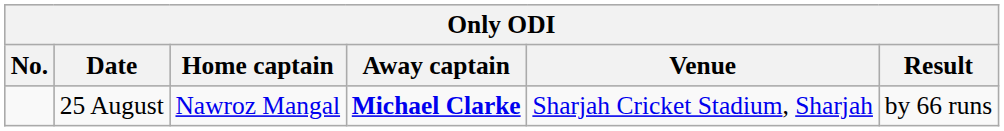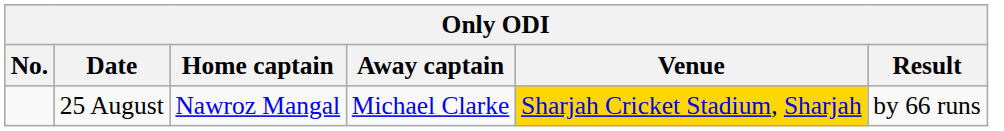 <table class="wikitable">
 <tr>
 <th colspan="9">Only ODI</th>
 </tr>
 <tr>
 <th>No.</th>
 <th>Date</th>
 <th>Home captain</th>
 <th>Away captain</th>
 <th>Venue</th>
 <th>Result</th>
 </tr>
 <tr>
 <td></td>
 <td>25 August</td>
 <td><a href='#'>Nawroz Mangal</a></td>
-<td><strong><a href='#'>Michael Clarke</a></strong></td>
-<td><a href='#'>Sharjah Cricket Stadium</a>, <a href='#'>Sharjah</a></td>
+<td><a href='#'>Michael Clarke</a></td>
+<td style="background: gold;"><a href='#'>Sharjah Cricket Stadium</a>, <a href='#'>Sharjah</a></td>
 <td> by 66 runs</td>
 </tr>
 </table>
